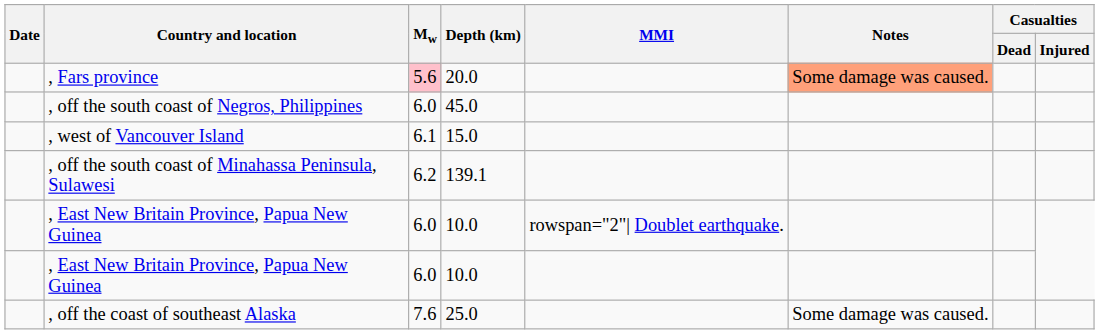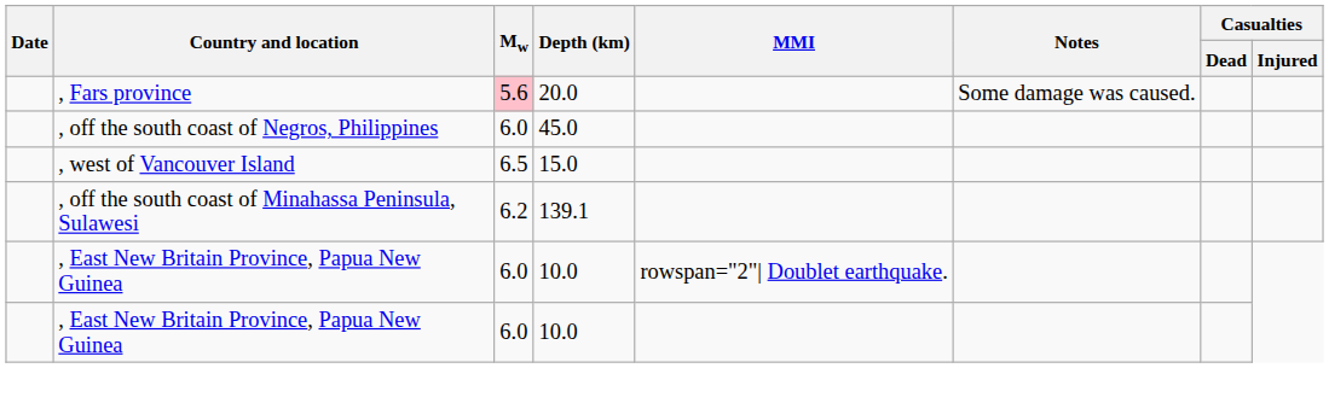 <table class="wikitable sortable sort-under" style="border:1px black; margin-left:1em;">
 <tr>
 <th rowspan="2"><small>Date</small></th>
 <th rowspan="2" style="width: 310px"><small>Country and location</small></th>
 <th rowspan="2"><small>M<sub>w</sub></small></th>
 <th rowspan="2"><small>Depth (km)</small></th>
 <th rowspan="2"><small><a href='#'>MMI</a></small></th>
 <th rowspan="2" class="unsortable"><small>Notes</small></th>
 <th colspan="2"><small>Casualties</small></th>
 </tr>
 <tr>
 <th><small>Dead</small></th>
 <th><small>Injured</small></th>
 </tr>
 <tr>
 <td></td>
 <td>, <a href='#'>Fars province</a></td>
 <td style="background: pink;">5.6</td>
 <td>20.0</td>
 <td></td>
-<td style="background: lightsalmon;">Some damage was caused.</td>
+<td>Some damage was caused.</td>
 <td></td>
 <td></td>
 </tr>
 <tr>
 <td></td>
 <td>, off the south coast of <a href='#'>Negros, Philippines</a></td>
 <td>6.0</td>
 <td>45.0</td>
 <td></td>
 <td></td>
 <td></td>
 <td></td>
 </tr>
 <tr>
 <td></td>
 <td>, west of <a href='#'>Vancouver Island</a></td>
-<td>6.1</td>
+<td>6.5</td>
 <td>15.0</td>
 <td></td>
 <td></td>
 <td></td>
 <td></td>
 </tr>
 <tr>
 <td></td>
 <td>, off the south coast of <a href='#'>Minahassa Peninsula</a>, <a href='#'>Sulawesi</a></td>
 <td>6.2</td>
 <td>139.1</td>
 <td></td>
 <td></td>
 <td></td>
 <td></td>
 </tr>
 <tr>
 <td></td>
 <td>, <a href='#'>East New Britain Province</a>, <a href='#'>Papua New Guinea</a></td>
 <td>6.0</td>
 <td>10.0</td>
 <td>rowspan="2"| <a href='#'>Doublet earthquake</a>.</td>
 <td></td>
 <td></td>
 </tr>
 <tr>
 <td></td>
 <td>, <a href='#'>East New Britain Province</a>, <a href='#'>Papua New Guinea</a></td>
 <td>6.0</td>
 <td>10.0</td>
 <td></td>
 <td></td>
 <td></td>
 </tr>
-<tr>
-<td></td>
-<td>, off the coast of southeast <a href='#'>Alaska</a></td>
-<td>7.6</td>
-<td>25.0</td>
-<td></td>
-<td>Some damage was caused.</td>
-<td></td>
-<td></td>
-</tr>
 </table>
